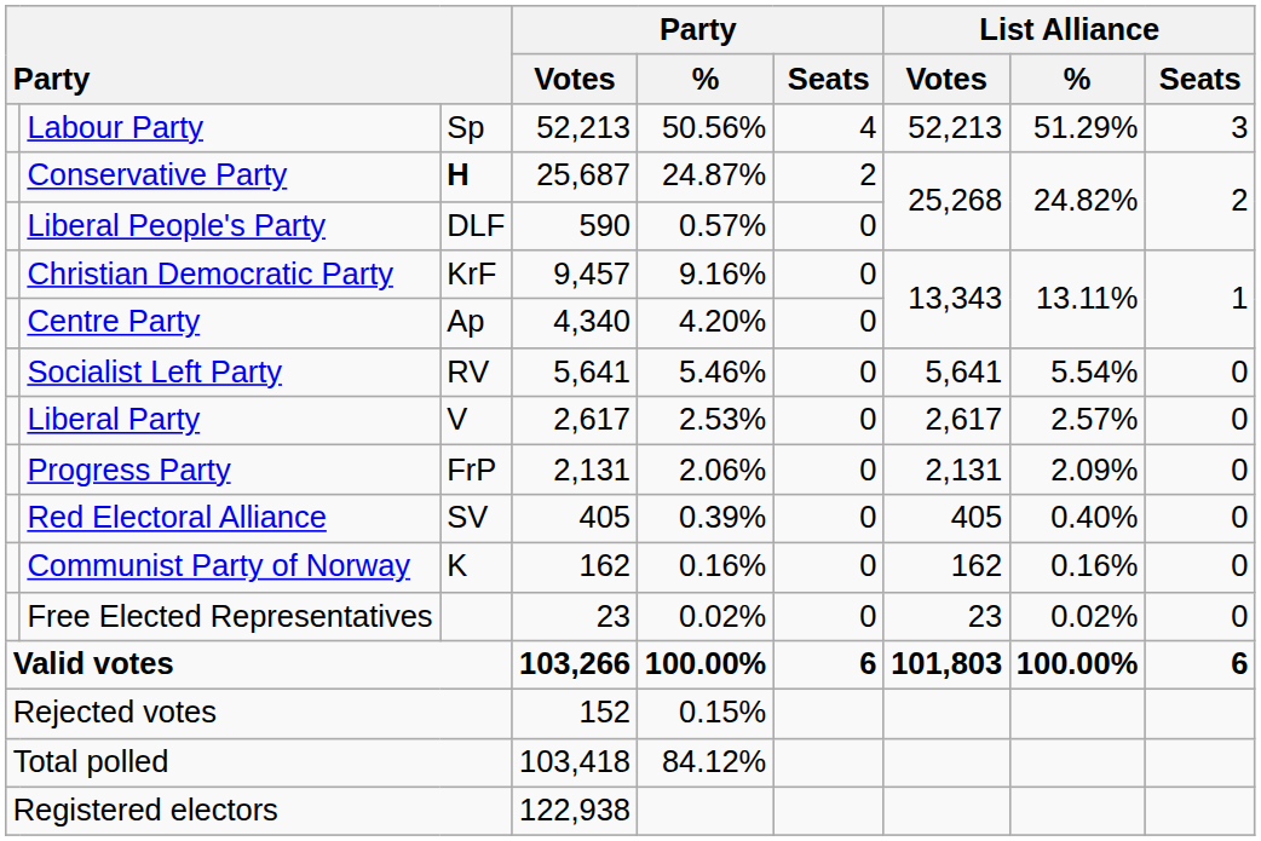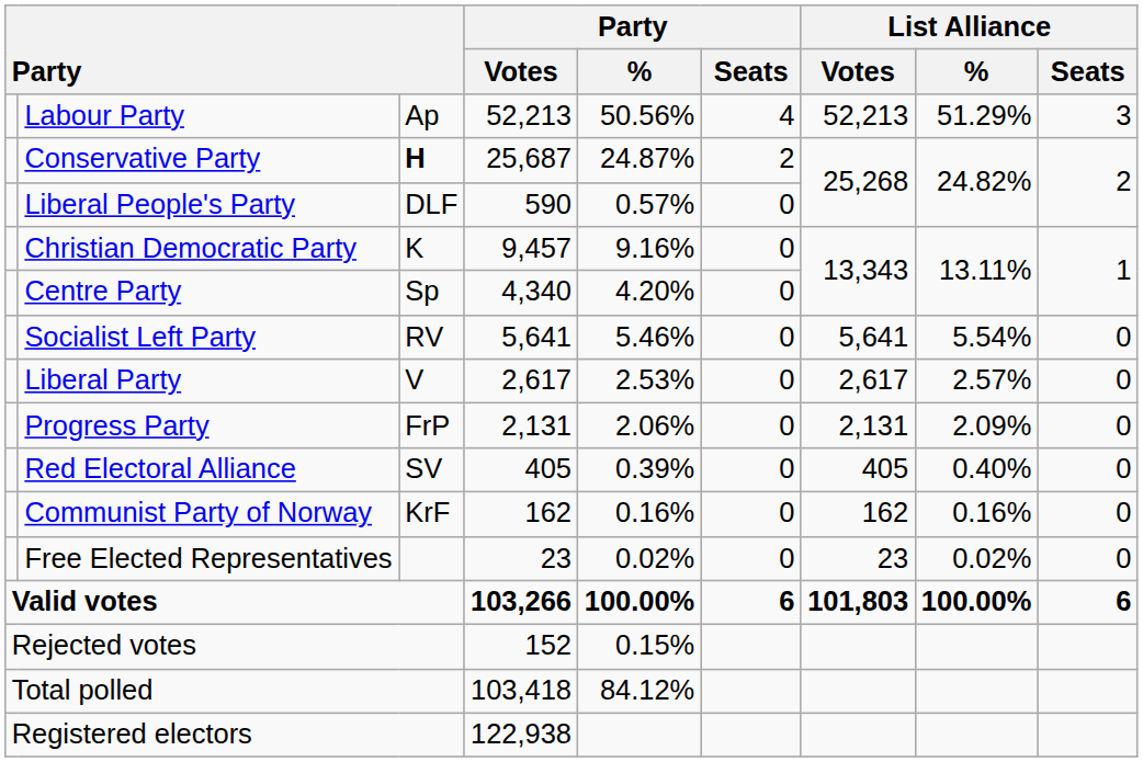 <table class="wikitable" border="1" style="text-align:right;">
 <tr>
 <th style="text-align:left;" valign=bottom rowspan=2 colspan=3>Party</th>
 <th colspan=3>Party</th>
 <th colspan=3>List Alliance</th>
 </tr>
 <tr>
 <th align=center valign=bottom width="50">Votes</th>
 <th align=center valign=bottom width="50">%</th>
 <th align=center valign=bottom width="50">Seats</th>
 <th align=center valign=bottom width="50">Votes</th>
 <th align=center valign=bottom width="50">%</th>
 <th align=center valign=bottom width="50">Seats</th>
 </tr>
 <tr>
 <td style="color:inherit;background:"></td>
 <td align=left><a href='#'>Labour Party</a></td>
-<td align=left>Sp</td>
+<td align=left>Ap</td>
 <td>52,213</td>
 <td>50.56%</td>
 <td>4</td>
 <td>52,213</td>
 <td>51.29%</td>
 <td>3</td>
 </tr>
 <tr>
 <td style="color:inherit;background:"></td>
 <td align=left><a href='#'>Conservative Party</a></td>
 <td align=left><strong>H</strong></td>
 <td>25,687</td>
 <td>24.87%</td>
 <td>2</td>
 <td rowspan=2>25,268</td>
 <td rowspan=2>24.82%</td>
 <td rowspan=2>2</td>
 </tr>
 <tr>
 <td style="color:inherit;background:"></td>
 <td align=left><a href='#'>Liberal People's Party</a></td>
 <td align=left>DLF</td>
 <td>590</td>
 <td>0.57%</td>
 <td>0</td>
 </tr>
 <tr>
 <td style="color:inherit;background:"></td>
 <td align=left><a href='#'>Christian Democratic Party</a></td>
-<td align=left>KrF</td>
+<td align=left>K</td>
 <td>9,457</td>
 <td>9.16%</td>
 <td>0</td>
 <td rowspan=2>13,343</td>
 <td rowspan=2>13.11%</td>
 <td rowspan=2>1</td>
 </tr>
 <tr>
 <td style="color:inherit;background:"></td>
 <td align=left><a href='#'>Centre Party</a></td>
-<td align=left>Ap</td>
+<td align=left>Sp</td>
 <td>4,340</td>
 <td>4.20%</td>
 <td>0</td>
 </tr>
 <tr>
 <td style="color:inherit;background:"></td>
 <td align=left><a href='#'>Socialist Left Party</a></td>
 <td align=left>RV</td>
 <td>5,641</td>
 <td>5.46%</td>
 <td>0</td>
 <td>5,641</td>
 <td>5.54%</td>
 <td>0</td>
 </tr>
 <tr>
 <td style="color:inherit;background:"></td>
 <td align=left><a href='#'>Liberal Party</a></td>
 <td align=left>V</td>
 <td>2,617</td>
 <td>2.53%</td>
 <td>0</td>
 <td>2,617</td>
 <td>2.57%</td>
 <td>0</td>
 </tr>
 <tr>
 <td style="color:inherit;background:"></td>
 <td align=left><a href='#'>Progress Party</a></td>
 <td align=left>FrP</td>
 <td>2,131</td>
 <td>2.06%</td>
 <td>0</td>
 <td>2,131</td>
 <td>2.09%</td>
 <td>0</td>
 </tr>
 <tr>
 <td style="color:inherit;background:"></td>
 <td align=left><a href='#'>Red Electoral Alliance</a></td>
 <td align=left>SV</td>
 <td>405</td>
 <td>0.39%</td>
 <td>0</td>
 <td>405</td>
 <td>0.40%</td>
 <td>0</td>
 </tr>
 <tr>
 <td style="color:inherit;background:"></td>
 <td align=left><a href='#'>Communist Party of Norway</a></td>
-<td align=left>K</td>
+<td align=left>KrF</td>
 <td>162</td>
 <td>0.16%</td>
 <td>0</td>
 <td>162</td>
 <td>0.16%</td>
 <td>0</td>
 </tr>
 <tr>
 <td></td>
 <td align=left>Free Elected Representatives</td>
 <td align=left></td>
 <td>23</td>
 <td>0.02%</td>
 <td>0</td>
 <td>23</td>
 <td>0.02%</td>
 <td>0</td>
 </tr>
 <tr style="font-weight:bold">
 <td align=left colspan=3>Valid votes</td>
 <td>103,266</td>
 <td>100.00%</td>
 <td>6</td>
 <td>101,803</td>
 <td>100.00%</td>
 <td>6</td>
 </tr>
 <tr>
 <td align=left colspan=3>Rejected votes</td>
 <td>152</td>
 <td>0.15%</td>
 <td></td>
 <td></td>
 <td></td>
 <td></td>
 </tr>
 <tr>
 <td align=left colspan=3>Total polled</td>
 <td>103,418</td>
 <td>84.12%</td>
 <td></td>
 <td></td>
 <td></td>
 <td></td>
 </tr>
 <tr>
 <td align=left colspan=3>Registered electors</td>
 <td>122,938</td>
 <td></td>
 <td></td>
 <td></td>
 <td></td>
 </tr>
 </table>
